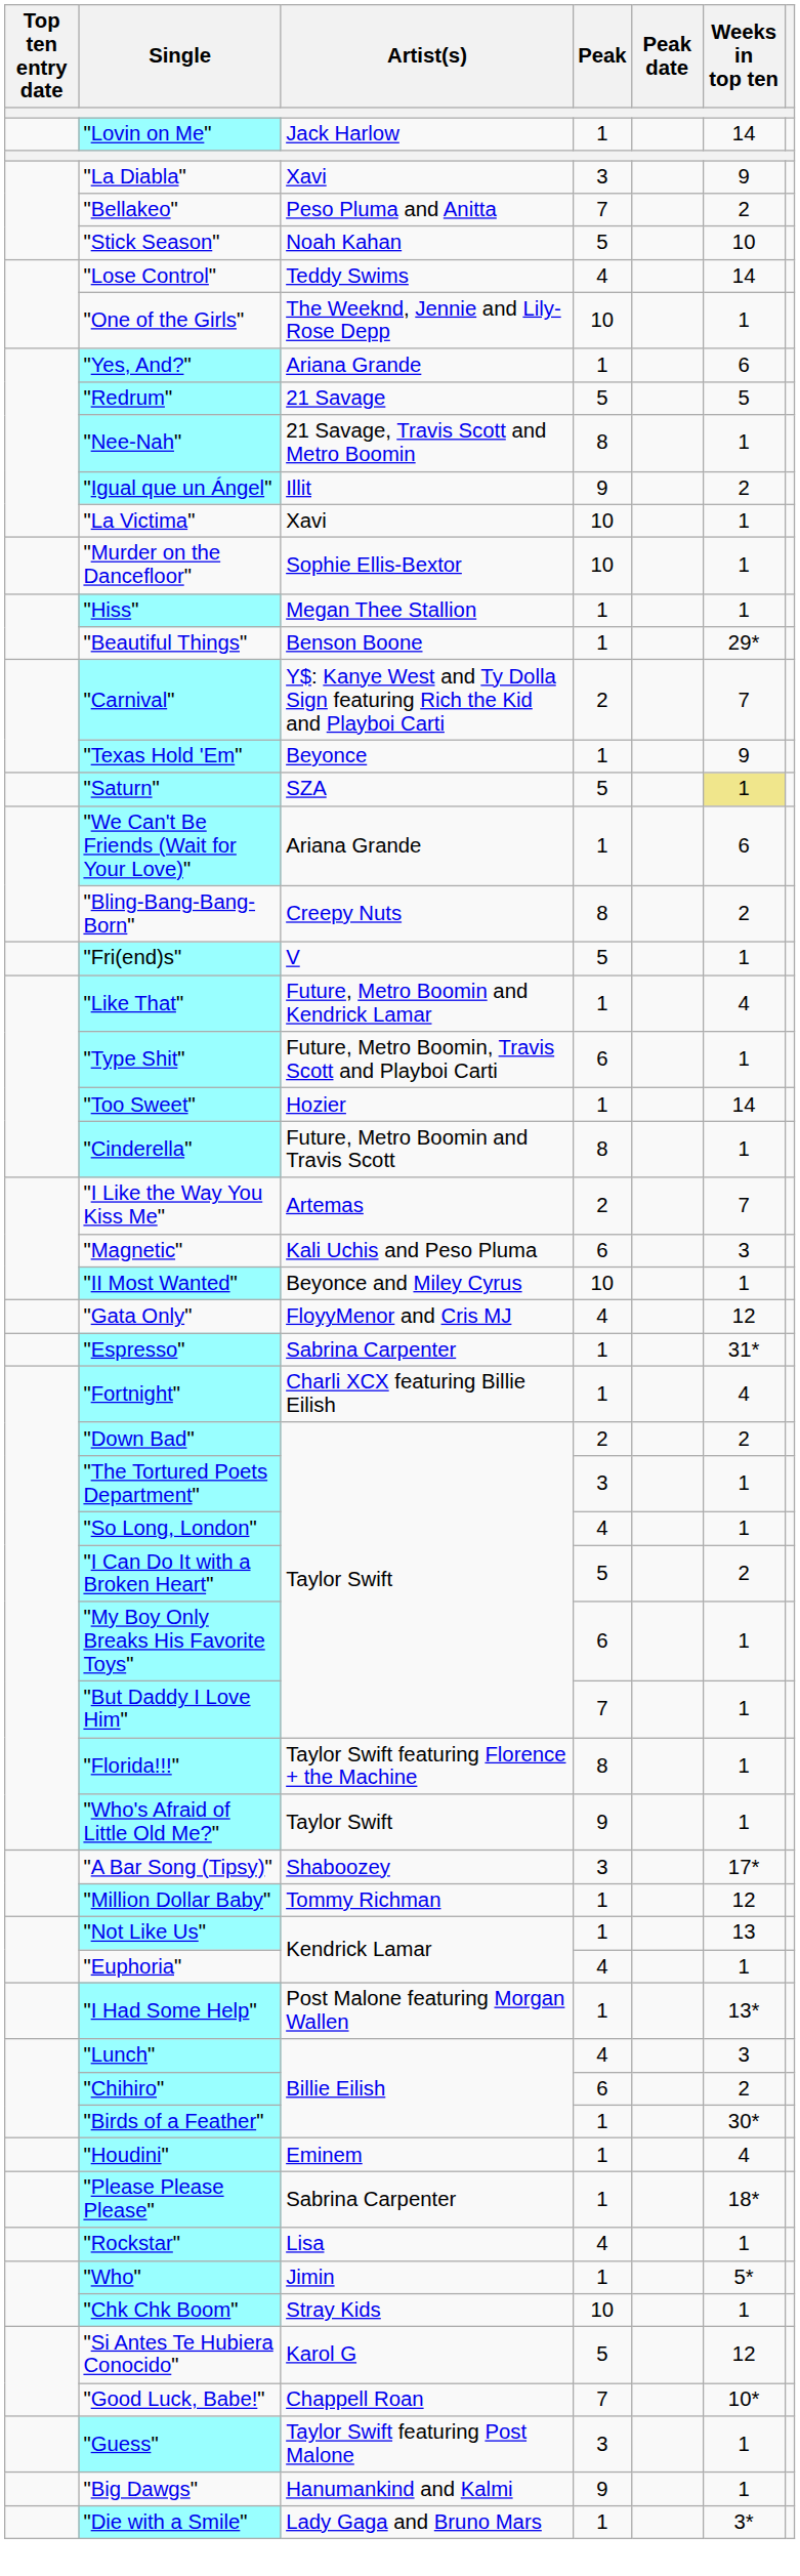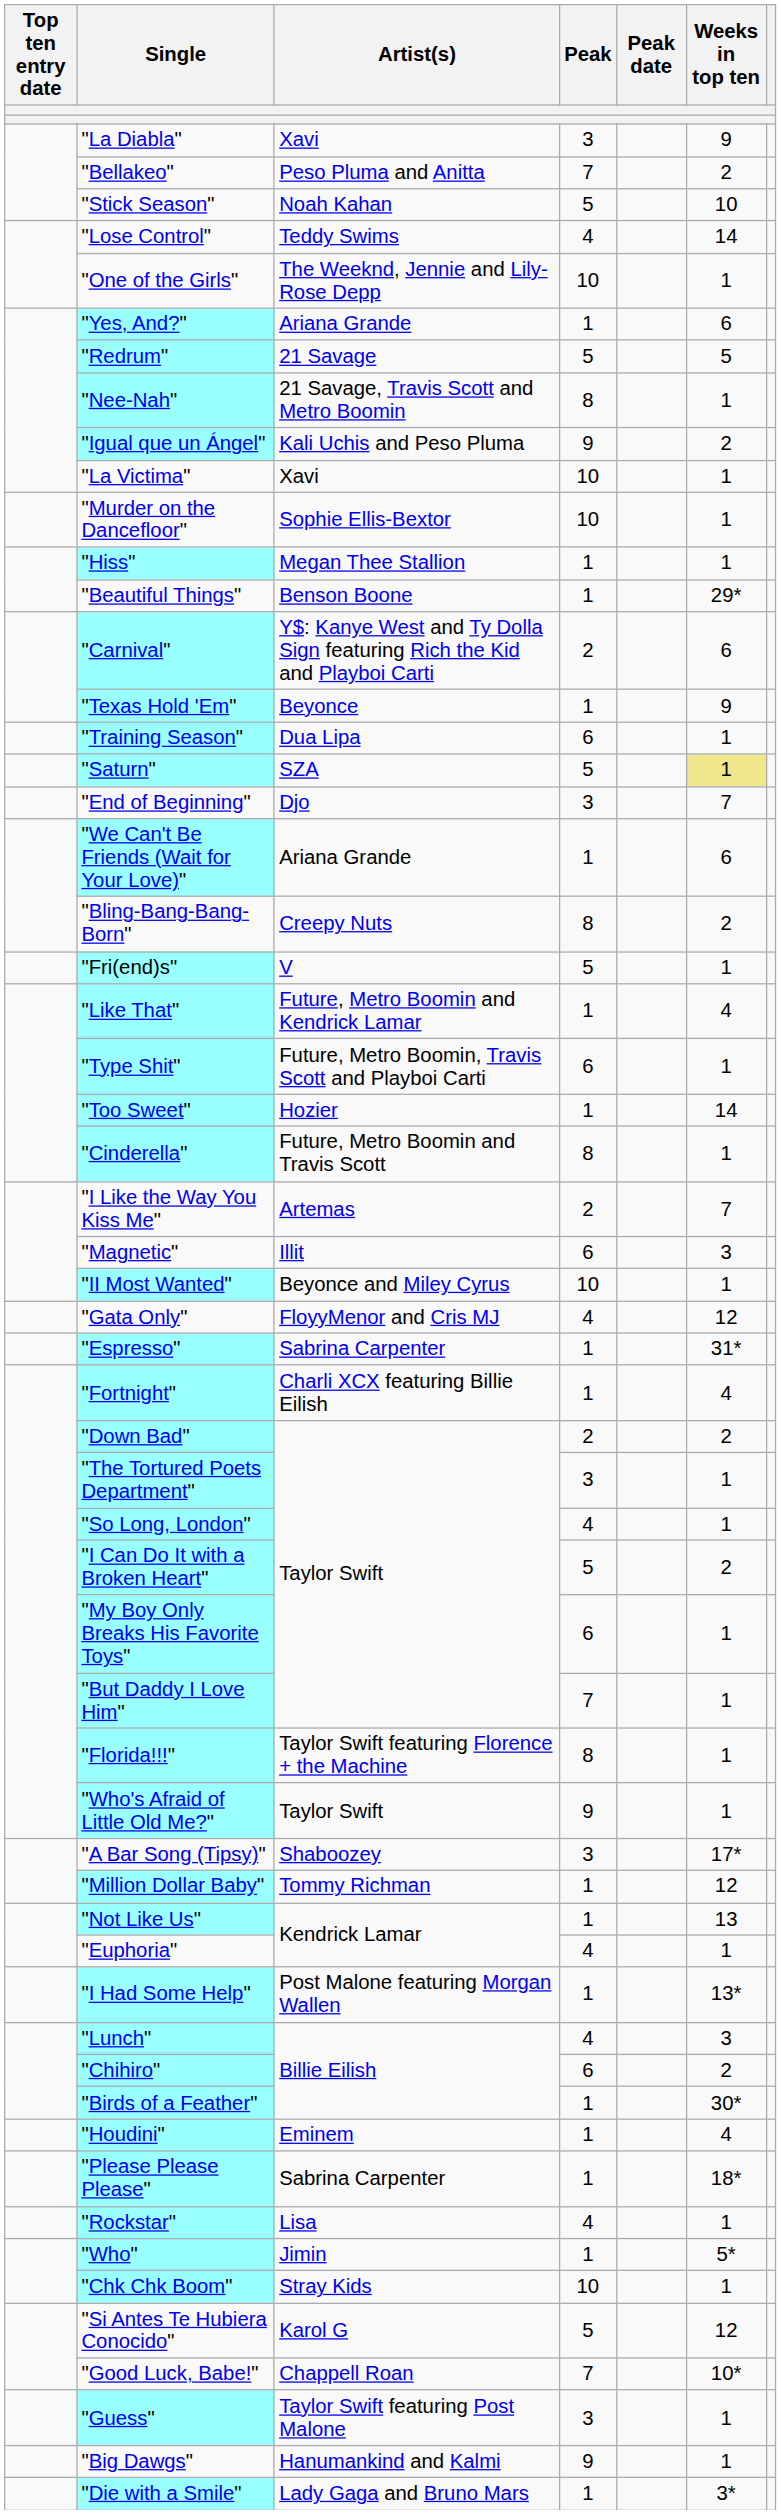 <table class="wikitable sortable">
 <tr>
 <th>Top ten<br>entry date</th>
 <th>Single</th>
 <th>Artist(s)</th>
 <th data-sort-type="number">Peak</th>
 <th>Peak date</th>
 <th data-sort-type="number">Weeks in<br>top ten</th>
 <th></th>
 </tr>
 <tr>
 <th colspan=7></th>
-</tr>
-<tr>
-<td></td>
-<td style= "background:#9ff;">"<a href='#'>Lovin on Me</a>" </td>
-<td><a href='#'>Jack Harlow</a></td>
-<td style="text-align:center;">1</td>
-<td></td>
-<td style="text-align:center;">14</td>
-<td style="text-align:center;"></td>
 </tr>
 <tr>
 <th colspan=7></th>
 </tr>
 <tr>
 <td rowspan=3></td>
 <td>"<a href='#'>La Diabla</a>"</td>
 <td><a href='#'>Xavi</a></td>
 <td style="text-align:center;">3</td>
 <td></td>
 <td style="text-align:center;">9</td>
 <td style="text-align:center;"></td>
 </tr>
 <tr>
 <td>"<a href='#'>Bellakeo</a>"</td>
 <td><a href='#'>Peso Pluma</a> and <a href='#'>Anitta</a></td>
 <td style="text-align:center;">7</td>
 <td></td>
 <td style="text-align:center;">2</td>
 <td style="text-align:center;"></td>
 </tr>
 <tr>
 <td>"<a href='#'>Stick Season</a>"</td>
 <td><a href='#'>Noah Kahan</a></td>
 <td style="text-align:center;">5</td>
 <td></td>
 <td style="text-align:center;">10</td>
 <td style="text-align:center;"></td>
 </tr>
 <tr>
 <td rowspan=2></td>
 <td>"<a href='#'>Lose Control</a>"</td>
 <td><a href='#'>Teddy Swims</a></td>
 <td style="text-align:center;">4</td>
 <td></td>
 <td style="text-align:center;">14</td>
 <td style="text-align:center;"></td>
 </tr>
 <tr>
 <td>"<a href='#'>One of the Girls</a>"</td>
 <td><a href='#'>The Weeknd</a>, <a href='#'>Jennie</a> and <a href='#'>Lily-Rose Depp</a></td>
 <td style="text-align:center;">10</td>
 <td></td>
 <td style="text-align:center;">1</td>
 <td style="text-align:center;"></td>
 </tr>
 <tr>
 <td rowspan=5></td>
 <td style= "background:#9ff;">"<a href='#'>Yes, And?</a>" </td>
 <td><a href='#'>Ariana Grande</a></td>
 <td style="text-align:center;">1</td>
 <td></td>
 <td style="text-align:center;">6</td>
 <td style="text-align:center;"></td>
 </tr>
 <tr>
 <td style= "background:#9ff;">"<a href='#'>Redrum</a>" </td>
 <td><a href='#'>21 Savage</a></td>
 <td style="text-align:center;">5</td>
 <td></td>
 <td style="text-align:center;">5</td>
 <td style="text-align:center;"></td>
 </tr>
 <tr>
 <td style= "background:#9ff;">"<a href='#'>Nee-Nah</a>" </td>
 <td>21 Savage, <a href='#'>Travis Scott</a> and <a href='#'>Metro Boomin</a></td>
 <td style="text-align:center;">8</td>
 <td></td>
 <td style="text-align:center;">1</td>
 <td style="text-align:center;"></td>
 </tr>
 <tr>
 <td style= "background:#9ff;">"<a href='#'>Igual que un Ángel</a>" </td>
-<td><a href='#'>Illit</a></td>
+<td><a href='#'>Kali Uchis</a> and Peso Pluma</td>
 <td style="text-align:center;">9</td>
 <td></td>
 <td style="text-align:center;">2</td>
 <td style="text-align:center;"></td>
 </tr>
 <tr>
 <td>"<a href='#'>La Victima</a>"</td>
 <td>Xavi</td>
 <td style="text-align:center;">10</td>
 <td></td>
 <td style="text-align:center;">1</td>
 <td style="text-align:center;"></td>
 </tr>
 <tr>
 <td></td>
 <td>"<a href='#'>Murder on the Dancefloor</a>"</td>
 <td><a href='#'>Sophie Ellis-Bextor</a></td>
 <td style="text-align:center;">10</td>
 <td></td>
 <td style="text-align:center;">1</td>
 <td style="text-align:center;"></td>
 </tr>
 <tr>
 <td rowspan=2></td>
 <td style= "background:#9ff;">"<a href='#'>Hiss</a>" </td>
 <td><a href='#'>Megan Thee Stallion</a></td>
 <td style="text-align:center;">1</td>
 <td></td>
 <td style="text-align:center;">1</td>
 <td style="text-align:center;"></td>
 </tr>
 <tr>
 <td>"<a href='#'>Beautiful Things</a>"</td>
 <td><a href='#'>Benson Boone</a></td>
 <td style="text-align:center;">1</td>
 <td></td>
 <td style="text-align:center;">29*</td>
 <td style="text-align:center;"> </td>
 </tr>
 <tr>
 <td rowspan=2></td>
 <td style= "background:#9ff;">"<a href='#'>Carnival</a>" </td>
 <td><a href='#'>Y$</a>: <a href='#'>Kanye West</a> and <a href='#'>Ty Dolla Sign</a> featuring <a href='#'>Rich the Kid</a> and <a href='#'>Playboi Carti</a></td>
 <td style="text-align:center;">2</td>
 <td></td>
-<td style="text-align:center;">7</td>
+<td style="text-align:center;">6</td>
 <td style="text-align:center;"></td>
 </tr>
 <tr>
 <td style= "background:#9ff;">"<a href='#'>Texas Hold 'Em</a>" </td>
 <td><a href='#'>Beyonce</a></td>
 <td style="text-align:center;">1</td>
 <td></td>
 <td style="text-align:center;">9</td>
 <td style="text-align:center;"> </td>
 </tr>
 <tr>
 <td></td>
+<td style= "background:#9ff;">"<a href='#'>Training Season</a>" </td>
+<td><a href='#'>Dua Lipa</a></td>
+<td style="text-align:center;">6</td>
+<td></td>
+<td style="text-align:center;">1</td>
+<td style="text-align:center;"></td>
+</tr>
+<tr>
+<td></td>
 <td style= "background:#9ff;">"<a href='#'>Saturn</a>" </td>
 <td><a href='#'>SZA</a></td>
 <td style="text-align:center;">5</td>
 <td></td>
 <td style="background: khaki; text-align:center;">1</td>
 <td style="text-align:center;"></td>
+</tr>
+<tr>
+<td></td>
+<td>"<a href='#'>End of Beginning</a>"</td>
+<td><a href='#'>Djo</a></td>
+<td style="text-align:center;">3</td>
+<td></td>
+<td style="text-align:center;">7</td>
+<td style="text-align:center;"> </td>
 </tr>
 <tr>
 <td rowspan=2></td>
 <td style= "background:#9ff;">"<a href='#'>We Can't Be Friends (Wait for Your Love)</a>" </td>
 <td>Ariana Grande</td>
 <td style="text-align:center;">1</td>
 <td></td>
 <td style="text-align:center;">6</td>
 <td style="text-align:center;"></td>
 </tr>
 <tr>
 <td>"<a href='#'>Bling-Bang-Bang-Born</a>"</td>
 <td><a href='#'>Creepy Nuts</a></td>
 <td style="text-align:center;">8</td>
 <td></td>
 <td style="text-align:center;">2</td>
 <td style="text-align:center;"></td>
 </tr>
 <tr>
 <td></td>
 <td style= "background:#9ff;">"Fri(end)s" </td>
 <td><a href='#'>V</a></td>
 <td style="text-align:center;">5</td>
 <td></td>
 <td style="text-align:center;">1</td>
 <td style="text-align:center;"></td>
 </tr>
 <tr>
 <td rowspan=4></td>
 <td style= "background:#9ff;">"<a href='#'>Like That</a>" </td>
 <td><a href='#'>Future</a>, <a href='#'>Metro Boomin</a> and <a href='#'>Kendrick Lamar</a></td>
 <td style="text-align:center;">1</td>
 <td></td>
 <td style="text-align:center;">4</td>
 <td style="text-align:center;"></td>
 </tr>
 <tr>
 <td style= "background:#9ff;">"<a href='#'>Type Shit</a>" </td>
 <td>Future, Metro Boomin, <a href='#'>Travis Scott</a> and Playboi Carti</td>
 <td style="text-align:center;">6</td>
 <td></td>
 <td style="text-align:center;">1</td>
 <td style="text-align:center;"></td>
 </tr>
 <tr>
 <td style= "background:#9ff;">"<a href='#'>Too Sweet</a>" </td>
 <td><a href='#'>Hozier</a></td>
 <td style="text-align:center;">1</td>
 <td></td>
 <td style="text-align:center;">14</td>
 <td style="text-align:center;"> </td>
 </tr>
 <tr>
 <td style= "background:#9ff;">"<a href='#'>Cinderella</a>" </td>
 <td>Future, Metro Boomin and Travis Scott</td>
 <td style="text-align:center;">8</td>
 <td></td>
 <td style="text-align:center;">1</td>
 <td style="text-align:center;"></td>
 </tr>
 <tr>
 <td rowspan=3></td>
 <td>"<a href='#'>I Like the Way You Kiss Me</a>"</td>
 <td><a href='#'>Artemas</a></td>
 <td style="text-align:center;">2</td>
 <td></td>
 <td style="text-align:center;">7</td>
 <td style="text-align:center;"> </td>
 </tr>
 <tr>
 <td>"<a href='#'>Magnetic</a>"</td>
-<td><a href='#'>Kali Uchis</a> and Peso Pluma</td>
+<td><a href='#'>Illit</a></td>
 <td style="text-align:center;">6</td>
 <td></td>
 <td style="text-align:center;">3</td>
 <td style="text-align:center;"> </td>
 </tr>
 <tr>
 <td style= "background:#9ff;">"<a href='#'>II Most Wanted</a>" </td>
 <td>Beyonce and <a href='#'>Miley Cyrus</a></td>
 <td style="text-align:center;">10</td>
 <td></td>
 <td style="text-align:center;">1</td>
 <td style="text-align:center;"></td>
 </tr>
 <tr>
 <td></td>
 <td>"<a href='#'>Gata Only</a>"</td>
 <td><a href='#'>FloyyMenor</a> and <a href='#'>Cris MJ</a></td>
 <td style="text-align:center;">4</td>
 <td></td>
 <td style="text-align:center;">12</td>
 <td style="text-align:center;"> </td>
 </tr>
 <tr>
 <td></td>
 <td style= "background:#9ff;">"<a href='#'>Espresso</a>" </td>
 <td><a href='#'>Sabrina Carpenter</a></td>
 <td style="text-align:center;">1</td>
 <td></td>
 <td style="text-align:center;">31*</td>
 <td style="text-align:center;"> </td>
 </tr>
 <tr>
 <td rowspan=9></td>
 <td style= "background:#9ff;">"<a href='#'>Fortnight</a>" </td>
 <td><a href='#'>Charli XCX</a> featuring Billie Eilish</td>
 <td style="text-align:center;">1</td>
 <td></td>
 <td style="text-align:center;">4</td>
 <td style="text-align:center;"></td>
 </tr>
 <tr>
 <td style= "background:#9ff;">"<a href='#'>Down Bad</a>" </td>
 <td rowspan=6>Taylor Swift</td>
 <td style="text-align:center;">2</td>
 <td></td>
 <td style="text-align:center;">2</td>
 <td style="text-align:center;"></td>
 </tr>
 <tr>
 <td style= "background:#9ff;">"<a href='#'>The Tortured Poets Department</a>" </td>
 <td style="text-align:center;">3</td>
 <td></td>
 <td style="text-align:center;">1</td>
 <td style="text-align:center;"></td>
 </tr>
 <tr>
 <td style= "background:#9ff;">"<a href='#'>So Long, London</a>" </td>
 <td style="text-align:center;">4</td>
 <td></td>
 <td style="text-align:center;">1</td>
 <td style="text-align:center;"></td>
 </tr>
 <tr>
 <td style= "background:#9ff;">"<a href='#'>I Can Do It with a Broken Heart</a>" </td>
 <td style="text-align:center;">5</td>
 <td></td>
 <td style="text-align:center;">2</td>
 <td style="text-align:center;"></td>
 </tr>
 <tr>
 <td style= "background:#9ff;">"<a href='#'>My Boy Only Breaks His Favorite Toys</a>" </td>
 <td style="text-align:center;">6</td>
 <td></td>
 <td style="text-align:center;">1</td>
 <td style="text-align:center;"></td>
 </tr>
 <tr>
 <td style= "background:#9ff;">"<a href='#'>But Daddy I Love Him</a>" </td>
 <td style="text-align:center;">7</td>
 <td></td>
 <td style="text-align:center;">1</td>
 <td style="text-align:center;"></td>
 </tr>
 <tr>
 <td style= "background:#9ff;">"<a href='#'>Florida!!!</a>" </td>
 <td>Taylor Swift featuring <a href='#'>Florence + the Machine</a></td>
 <td style="text-align:center;">8</td>
 <td></td>
 <td style="text-align:center;">1</td>
 <td style="text-align:center;"></td>
 </tr>
 <tr>
 <td style= "background:#9ff;">"<a href='#'>Who's Afraid of Little Old Me?</a>" </td>
 <td>Taylor Swift</td>
 <td style="text-align:center;">9</td>
 <td></td>
 <td style="text-align:center;">1</td>
 <td style="text-align:center;"></td>
 </tr>
 <tr>
 <td rowspan=2></td>
 <td>"<a href='#'>A Bar Song (Tipsy)</a>"</td>
 <td><a href='#'>Shaboozey</a></td>
 <td style="text-align:center;">3</td>
 <td></td>
 <td style="text-align:center;">17*</td>
 <td style="text-align:center;"> </td>
 </tr>
 <tr>
 <td style= "background:#9ff;">"<a href='#'>Million Dollar Baby</a>" </td>
 <td><a href='#'>Tommy Richman</a></td>
 <td style="text-align:center;">1</td>
 <td></td>
 <td style="text-align:center;">12</td>
 <td style="text-align:center;"> </td>
 </tr>
 <tr>
 <td rowspan=2></td>
 <td style= "background:#9ff;">"<a href='#'>Not Like Us</a>" </td>
 <td rowspan=2>Kendrick Lamar</td>
 <td style="text-align:center;">1</td>
 <td></td>
 <td style="text-align:center;">13</td>
 <td style="text-align:center;"></td>
 </tr>
 <tr>
 <td>"<a href='#'>Euphoria</a>"</td>
 <td style="text-align:center;">4</td>
 <td></td>
 <td style="text-align:center;">1</td>
 <td style="text-align:center;"></td>
 </tr>
 <tr>
 <td></td>
 <td style= "background:#9ff;">"<a href='#'>I Had Some Help</a>" </td>
 <td>Post Malone featuring <a href='#'>Morgan Wallen</a></td>
 <td style="text-align:center;">1</td>
 <td></td>
 <td style="text-align:center;">13*</td>
 <td style="text-align:center;"></td>
 </tr>
 <tr>
 <td rowspan=3></td>
 <td style= "background:#9ff;">"<a href='#'>Lunch</a>" </td>
 <td rowspan=3><a href='#'>Billie Eilish</a></td>
 <td style="text-align:center;">4</td>
 <td></td>
 <td style="text-align:center;">3</td>
 <td style="text-align:center;"></td>
 </tr>
 <tr>
 <td style= "background:#9ff;">"<a href='#'>Chihiro</a>" </td>
 <td style="text-align:center;">6</td>
 <td></td>
 <td style="text-align:center;">2</td>
 <td style="text-align:center;"></td>
 </tr>
 <tr>
 <td style= "background:#9ff;">"<a href='#'>Birds of a Feather</a>" </td>
 <td style="text-align:center;">1</td>
 <td></td>
 <td style="text-align:center;">30*</td>
 <td style="text-align:center;"> </td>
 </tr>
 <tr>
 <td></td>
 <td style= "background:#9ff;">"<a href='#'>Houdini</a>" </td>
 <td><a href='#'>Eminem</a></td>
 <td style="text-align:center;">1</td>
 <td></td>
 <td style="text-align:center;">4</td>
 <td style="text-align:center;"></td>
 </tr>
 <tr>
 <td></td>
 <td style= "background:#9ff;">"<a href='#'>Please Please Please</a>" </td>
 <td>Sabrina Carpenter</td>
 <td style="text-align:center;">1</td>
 <td></td>
 <td style="text-align:center;">18*</td>
 <td style="text-align:center;"> </td>
 </tr>
 <tr>
 <td></td>
 <td style= "background:#9ff;">"<a href='#'>Rockstar</a>" </td>
 <td><a href='#'>Lisa</a></td>
 <td style="text-align:center;">4</td>
 <td></td>
 <td style="text-align:center;">1</td>
 <td style="text-align:center;"></td>
 </tr>
 <tr>
 <td rowspan=2></td>
 <td style= "background:#9ff;">"<a href='#'>Who</a>" </td>
 <td><a href='#'>Jimin</a></td>
 <td style="text-align:center;">1</td>
 <td></td>
 <td style="text-align:center;">5*</td>
 <td style="text-align:center;"></td>
 </tr>
 <tr>
 <td style= "background:#9ff;">"<a href='#'>Chk Chk Boom</a>" </td>
 <td><a href='#'>Stray Kids</a></td>
 <td style="text-align:center;">10</td>
 <td></td>
 <td style="text-align:center;">1</td>
 <td style="text-align:center;"></td>
 </tr>
 <tr>
 <td rowspan=2></td>
 <td>"<a href='#'>Si Antes Te Hubiera Conocido</a>"</td>
 <td><a href='#'>Karol G</a></td>
 <td style="text-align:center;">5</td>
 <td></td>
 <td style="text-align:center;">12</td>
 <td style="text-align:center;"> </td>
 </tr>
 <tr>
 <td>"<a href='#'>Good Luck, Babe!</a>"</td>
 <td><a href='#'>Chappell Roan</a></td>
 <td style="text-align:center;">7</td>
 <td></td>
 <td style="text-align:center;">10*</td>
 <td style="text-align:center;"> </td>
 </tr>
 <tr>
 <td></td>
 <td style= "background:#9ff;">"<a href='#'>Guess</a>" </td>
 <td><a href='#'>Taylor Swift</a> featuring <a href='#'>Post Malone</a></td>
 <td style="text-align:center;">3</td>
 <td></td>
 <td style="text-align:center;">1</td>
 <td style="text-align:center;"></td>
 </tr>
 <tr>
 <td></td>
 <td>"<a href='#'>Big Dawgs</a>"</td>
 <td><a href='#'>Hanumankind</a> and <a href='#'>Kalmi</a></td>
 <td style="text-align:center;">9</td>
 <td></td>
 <td style="text-align:center;">1</td>
 <td style="text-align:center;"></td>
 </tr>
 <tr>
 <td></td>
 <td style= "background:#9ff;">"<a href='#'>Die with a Smile</a>" </td>
 <td><a href='#'>Lady Gaga</a> and <a href='#'>Bruno Mars</a></td>
 <td style="text-align:center;">1</td>
 <td></td>
 <td style="text-align:center;">3*</td>
 <td style="text-align:center;"></td>
 </tr>
 </table>
